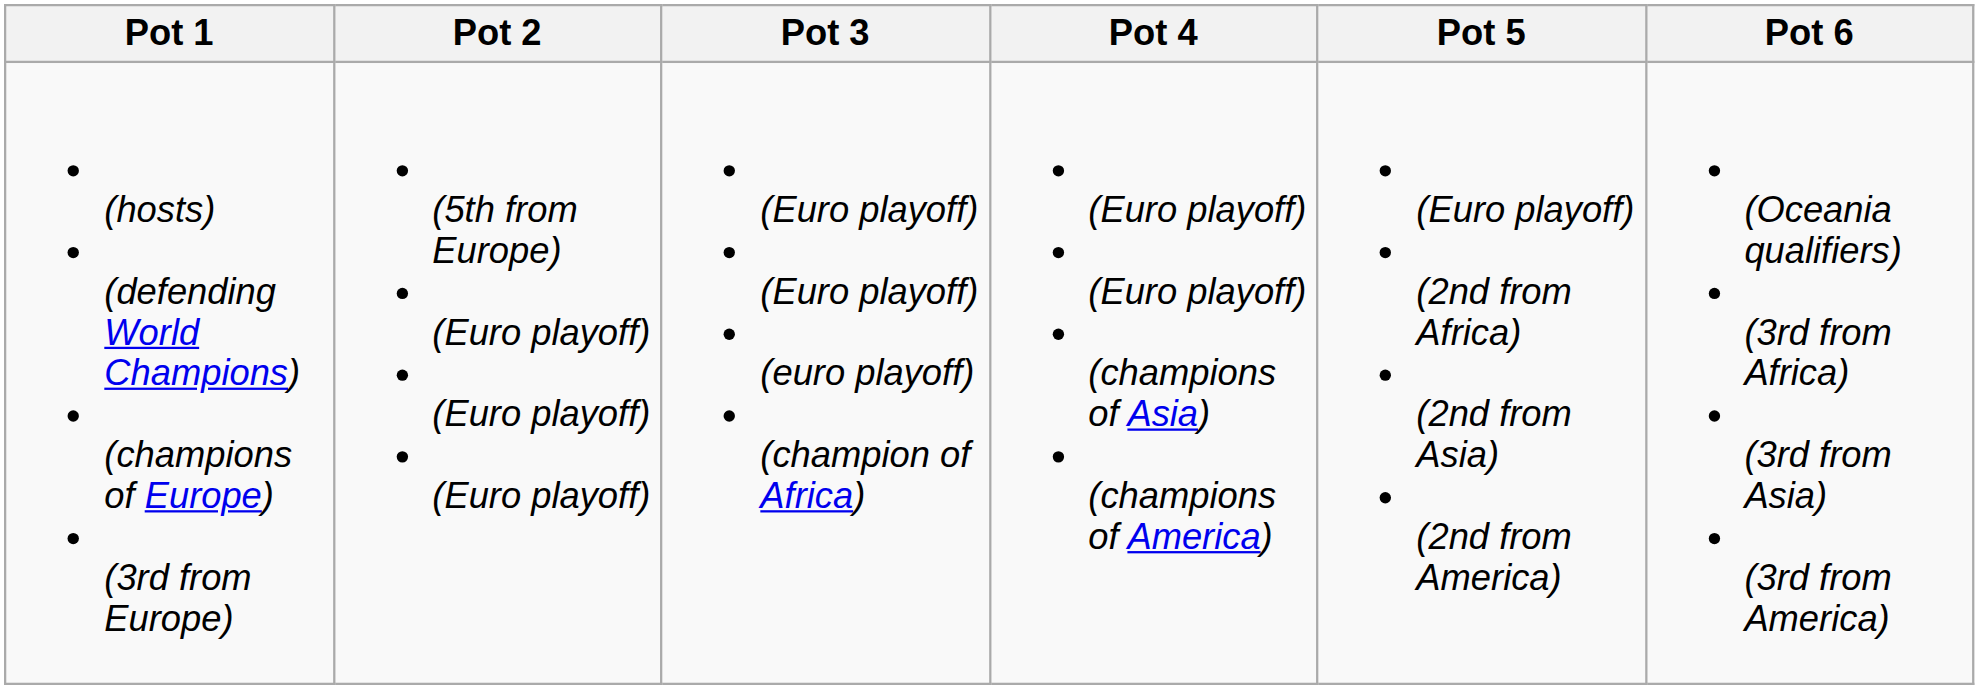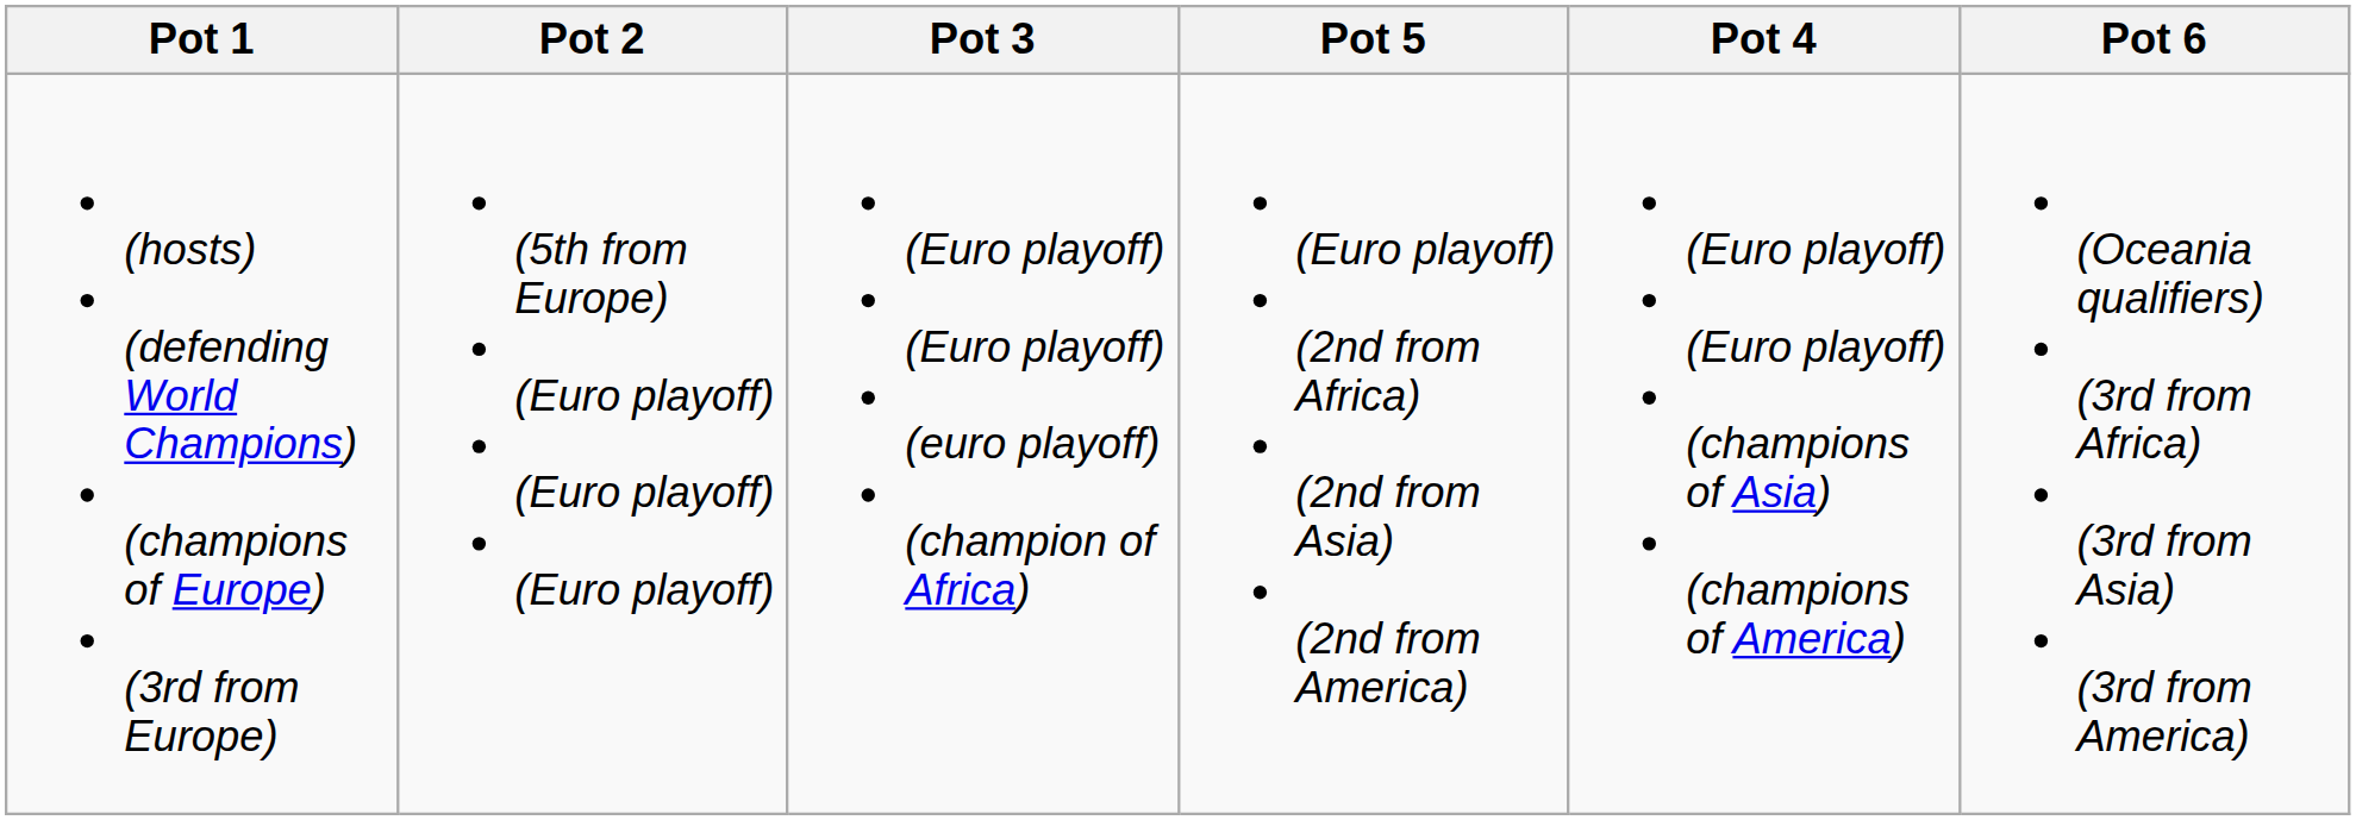 <table class="wikitable">
 <tr>
 <th width=16%>Pot 1</th>
 <th width=16%>Pot 2</th>
 <th width=16%>Pot 3</th>
+<th width=16%>Pot 5</th>
 <th width=16%>Pot 4</th>
-<th width=16%>Pot 5</th>
 <th width=16%>Pot 6</th>
 </tr>
 <tr style="vertical-align: top;">
 <td><br><ul><li><br><em>(hosts)</em></li><li><br><em>(defending <a href='#'>World Champions</a>)</em></li><li><br><em>(champions of <a href='#'>Europe</a>)</em></li><li><br><em>(3rd from Europe)</em></li></ul></td>
 <td><br><ul><li><br><em>(5th from Europe)</em></li><li><br><em>(Euro playoff)</em></li><li><br><em>(Euro playoff)</em></li><li><br><em>(Euro playoff)</em></li></ul></td>
 <td><br><ul><li><br><em>(Euro playoff)</em></li><li><br><em>(Euro playoff)</em></li><li><br><em>(euro playoff)</em></li><li><br><em>(champion of <a href='#'>Africa</a>)</em></li></ul></td>
+<td><br><ul><li><br><em>(Euro playoff)</em></li><li><br><em>(2nd from Africa)</em></li><li><br><em>(2nd from Asia)</em></li><li><br><em>(2nd from America)</em></li></ul></td>
 <td><br><ul><li><br><em>(Euro playoff)</em></li><li><br><em>(Euro playoff)</em></li><li><br><em>(champions of <a href='#'>Asia</a>)</em></li><li><br><em>(champions of <a href='#'>America</a>)</em></li></ul></td>
-<td><br><ul><li><br><em>(Euro playoff)</em></li><li><br><em>(2nd from Africa)</em></li><li><br><em>(2nd from Asia)</em></li><li><br><em>(2nd from America)</em></li></ul></td>
 <td><br><ul><li><br><em>(Oceania qualifiers)</em></li><li><br><em>(3rd from Africa)</em></li><li><br><em>(3rd from Asia)</em></li><li><br><em>(3rd from America)</em></li></ul></td>
 </tr>
 </table>
